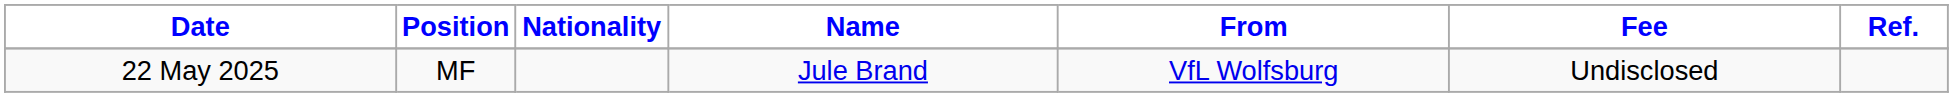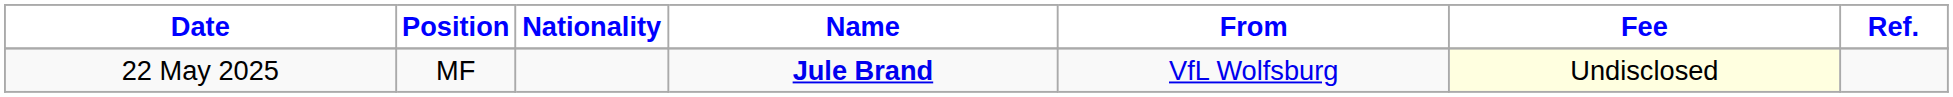 <table class="wikitable" style="text-align:center; font-size:90%; ">
 <tr>
 <th style="background:#FFFFFF; color:blue; width:200px;">Date</th>
 <th style="background:#FFFFFF; color:blue; width:50px;">Position</th>
 <th style="background:#FFFFFF; color:blue; width:50px;">Nationality</th>
 <th style="background:#FFFFFF; color:blue; width:200px;">Name</th>
 <th style="background:#FFFFFF; color:blue; width:200px;">From</th>
 <th style="background:#FFFFFF; color:blue; width:200px;">Fee</th>
 <th style="background:#FFFFFF; color:blue; width:50px;">Ref.</th>
 </tr>
 <tr>
 </tr>
 <tr>
 <td>22 May 2025</td>
 <td>MF</td>
 <td></td>
-<td><a href='#'>Jule Brand</a></td>
+<td><strong><a href='#'>Jule Brand</a></strong></td>
 <td><a href='#'>VfL Wolfsburg</a></td>
-<td>Undisclosed</td>
+<td style="background: lightyellow;">Undisclosed</td>
 <td></td>
 </tr>
 </table>
